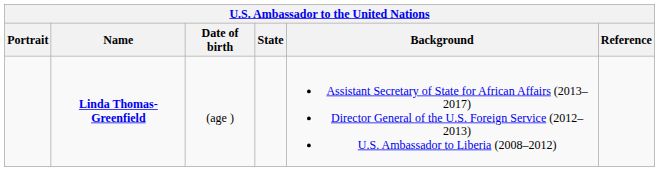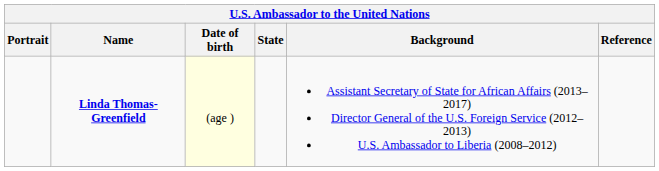 <table class="wikitable collapsible" style="text-align:center;">
 <tr>
 <th colspan="6"><a href='#'>U.S. Ambassador to the United Nations</a></th>
 </tr>
 <tr>
 <th>Portrait</th>
 <th>Name</th>
 <th>Date of birth</th>
 <th>State</th>
 <th>Background</th>
 <th>Reference</th>
 </tr>
 <tr>
 <td></td>
 <td><strong><a href='#'>Linda Thomas-Greenfield</a></strong></td>
-<td><br>(age )</td>
+<td style="background: lightyellow;"><br>(age )</td>
 <td></td>
 <td><br><ul><li><a href='#'>Assistant Secretary of State for African Affairs</a> (2013–2017)</li><li><a href='#'>Director General of the U.S. Foreign Service</a> (2012–2013)</li><li><a href='#'>U.S. Ambassador to Liberia</a> (2008–2012)</li></ul></td>
 <td></td>
 </tr>
 </table>
